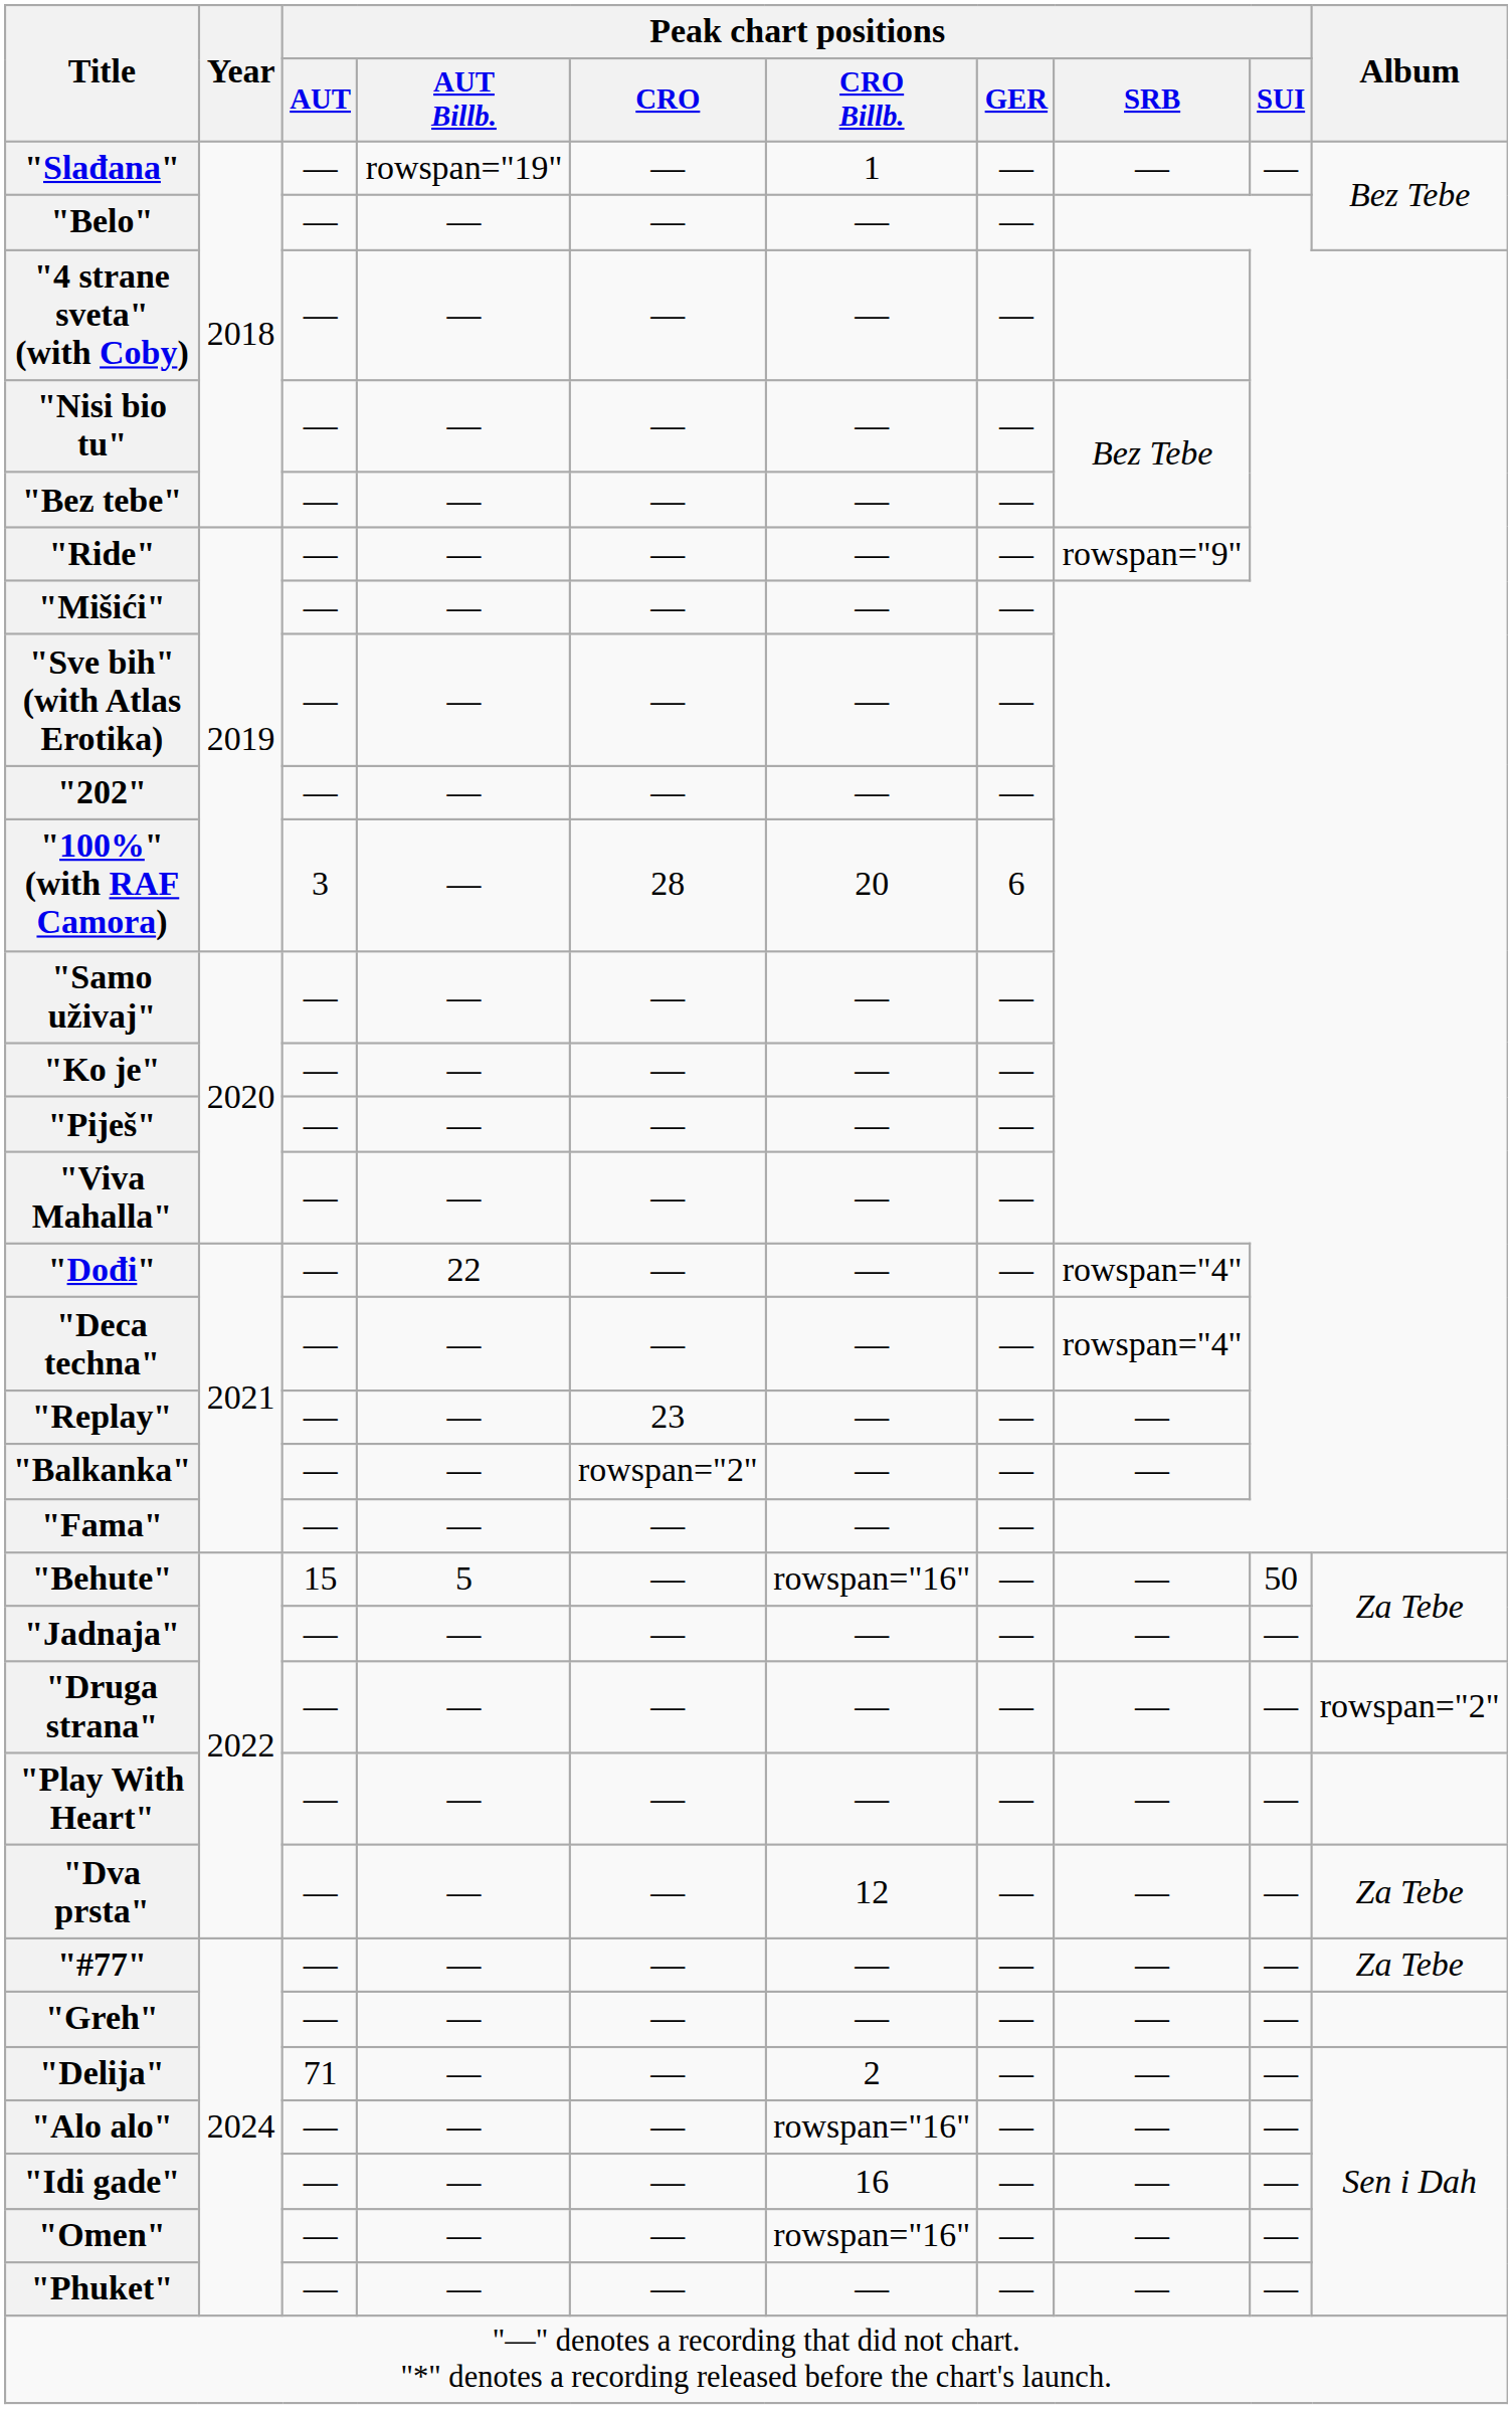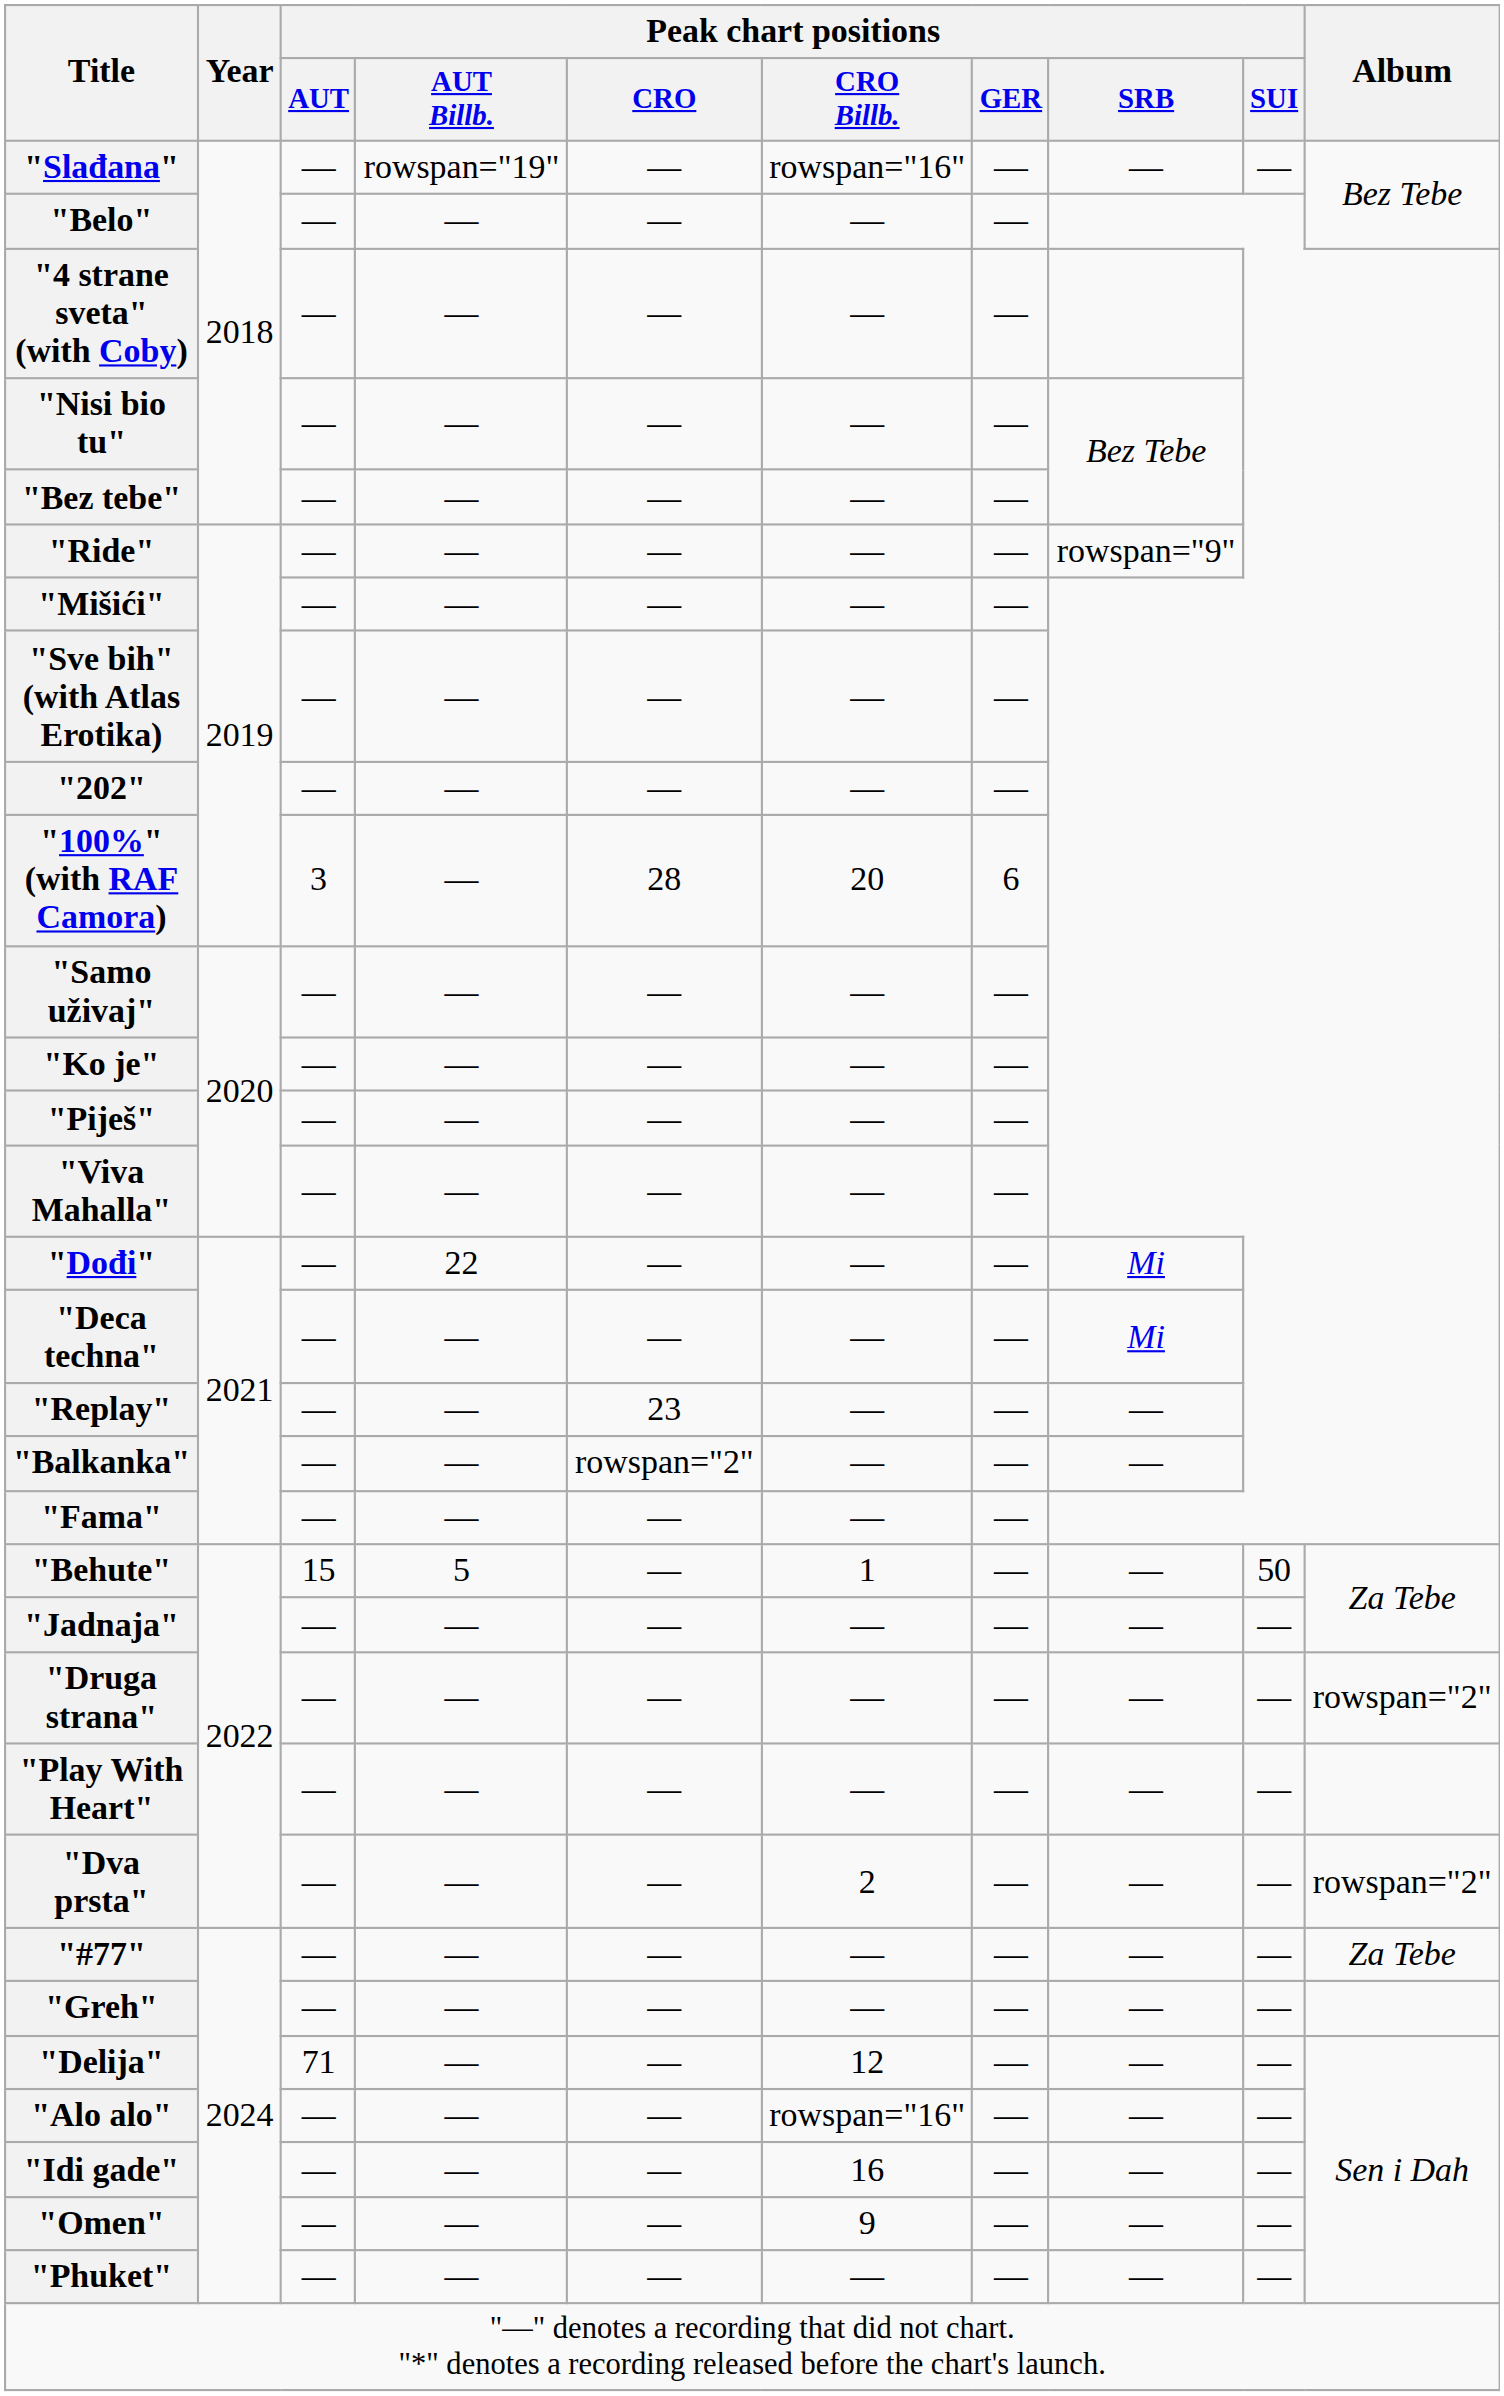 <table class="wikitable plainrowheaders" style="text-align:center;">
 <tr>
 <th rowspan="2" scope="col" style="width:11em;">Title</th>
 <th rowspan="2" scope="col">Year</th>
 <th colspan="7" scope="col">Peak chart positions</th>
 <th rowspan="2" scope="col">Album</th>
 </tr>
 <tr>
 <th style="width:2.5em; font-size:85%"><a href='#'>AUT</a><br></th>
 <th style="width:2.5em; font-size:85%"><a href='#'>AUT<br><em>Billb.</em></a><br></th>
 <th style="width:2.5em; font-size:85%"><a href='#'>CRO</a><br></th>
 <th style="width:2.5em; font-size:85%"><a href='#'>CRO<br><em>Billb.</em></a><br></th>
 <th style="width:2.5em; font-size:85%"><a href='#'>GER</a><br></th>
 <th style="width:2.5em; font-size:85%"><a href='#'>SRB</a><br></th>
 <th style="width:2.5em; font-size:85%"><a href='#'>SUI</a><br></th>
 </tr>
 <tr>
 <th scope="row">"<a href='#'>Slađana</a>"</th>
 <td rowspan="5">2018</td>
 <td>—</td>
 <td>rowspan="19" </td>
 <td>—</td>
-<td>1</td>
+<td>rowspan="16" </td>
 <td>—</td>
 <td>—</td>
 <td>—</td>
 <td rowspan="2"><em>Bez Tebe</em></td>
 </tr>
 <tr>
 <th scope="row">"Belo"</th>
 <td>—</td>
 <td>—</td>
 <td>—</td>
 <td>—</td>
 <td>—</td>
 </tr>
 <tr>
 <th scope="row">"4 strane sveta"<br><span>(with <a href='#'>Coby</a>)</span></th>
 <td>—</td>
 <td>—</td>
 <td>—</td>
 <td>—</td>
 <td>—</td>
 <td></td>
 </tr>
 <tr>
 <th scope="row">"Nisi bio tu"</th>
 <td>—</td>
 <td>—</td>
 <td>—</td>
 <td>—</td>
 <td>—</td>
 <td rowspan="2"><em>Bez Tebe</em></td>
 </tr>
 <tr>
 <th scope="row">"Bez tebe"</th>
 <td>—</td>
 <td>—</td>
 <td>—</td>
 <td>—</td>
 <td>—</td>
 </tr>
 <tr>
 <th scope="row">"Ride"</th>
 <td rowspan="5">2019</td>
 <td>—</td>
 <td>—</td>
 <td>—</td>
 <td>—</td>
 <td>—</td>
 <td>rowspan="9" </td>
 </tr>
 <tr>
 <th scope="row">"Mišići"</th>
 <td>—</td>
 <td>—</td>
 <td>—</td>
 <td>—</td>
 <td>—</td>
 </tr>
 <tr>
 <th scope="row">"Sve bih"<br><span>(with Atlas Erotika)</span></th>
 <td>—</td>
 <td>—</td>
 <td>—</td>
 <td>—</td>
 <td>—</td>
 </tr>
 <tr>
 <th scope="row">"202"</th>
 <td>—</td>
 <td>—</td>
 <td>—</td>
 <td>—</td>
 <td>—</td>
 </tr>
 <tr>
 <th scope="row">"<a href='#'>100%</a>"<br><span>(with <a href='#'>RAF Camora</a>)</span></th>
 <td>3</td>
 <td>—</td>
 <td>28</td>
 <td>20</td>
 <td>6</td>
 </tr>
 <tr>
 <th scope="row">"Samo uživaj"</th>
 <td rowspan="4">2020</td>
 <td>—</td>
 <td>—</td>
 <td>—</td>
 <td>—</td>
 <td>—</td>
 </tr>
 <tr>
 <th scope="row">"Ko je"</th>
 <td>—</td>
 <td>—</td>
 <td>—</td>
 <td>—</td>
 <td>—</td>
 </tr>
 <tr>
 <th scope="row">"Piješ"</th>
 <td>—</td>
 <td>—</td>
 <td>—</td>
 <td>—</td>
 <td>—</td>
 </tr>
 <tr>
 <th scope="row">"Viva Mahalla"</th>
 <td>—</td>
 <td>—</td>
 <td>—</td>
 <td>—</td>
 <td>—</td>
 </tr>
 <tr>
 <th scope="row">"<a href='#'>Dođi</a>"<br></th>
 <td rowspan="5">2021</td>
 <td>—</td>
 <td>22</td>
 <td>—</td>
 <td>—</td>
 <td>—</td>
-<td>rowspan="4" </td>
+<td><em><a href='#'>Mi</a></em></td>
 </tr>
 <tr>
 <th scope="row">"Deca techna"<br></th>
 <td>—</td>
 <td>—</td>
 <td>—</td>
 <td>—</td>
 <td>—</td>
-<td>rowspan="4" </td>
+<td><em><a href='#'>Mi</a></em></td>
 </tr>
 <tr>
 <th scope="row">"Replay"</th>
 <td>—</td>
 <td>—</td>
 <td>23</td>
 <td>—</td>
 <td>—</td>
 <td>—</td>
 </tr>
 <tr>
 <th scope="row">"Balkanka"</th>
 <td>—</td>
 <td>—</td>
 <td>rowspan="2" </td>
 <td>—</td>
 <td>—</td>
 <td>—</td>
 </tr>
 <tr>
 <th scope="row">"Fama"</th>
 <td>—</td>
 <td>—</td>
 <td>—</td>
 <td>—</td>
 <td>—</td>
 </tr>
 <tr>
 <th scope="row">"Behute"</th>
 <td rowspan="5">2022</td>
 <td>15</td>
 <td>5</td>
 <td>—</td>
-<td>rowspan="16" </td>
+<td>1</td>
 <td>—</td>
 <td>—</td>
 <td>50</td>
 <td rowspan="2"><em>Za Tebe</em></td>
 </tr>
 <tr>
 <th scope="row">"Jadnaja"</th>
 <td>—</td>
 <td>—</td>
 <td>—</td>
 <td>—</td>
 <td>—</td>
 <td>—</td>
 <td>—</td>
 </tr>
 <tr>
 <th scope="row">"Druga strana"</th>
 <td>—</td>
 <td>—</td>
 <td>—</td>
 <td>—</td>
 <td>—</td>
 <td>—</td>
 <td>—</td>
 <td>rowspan="2" </td>
 </tr>
 <tr>
 <th scope="row">"Play With Heart"</th>
 <td>—</td>
 <td>—</td>
 <td>—</td>
 <td>—</td>
 <td>—</td>
 <td>—</td>
 <td>—</td>
 </tr>
 <tr>
 <th scope="row">"Dva prsta"</th>
 <td>—</td>
 <td>—</td>
 <td>—</td>
-<td>12</td>
+<td>2</td>
 <td>—</td>
 <td>—</td>
 <td>—</td>
-<td><em>Za Tebe</em></td>
+<td>rowspan="2" </td>
 </tr>
 <tr>
 <th scope="row">"#77"</th>
 <td rowspan="7">2024</td>
 <td>—</td>
 <td>—</td>
 <td>—</td>
 <td>—</td>
 <td>—</td>
 <td>—</td>
 <td>—</td>
 <td><em>Za Tebe</em></td>
 </tr>
 <tr>
 <th scope="row">"Greh"<br></th>
 <td>—</td>
 <td>—</td>
 <td>—</td>
 <td>—</td>
 <td>—</td>
 <td>—</td>
 <td>—</td>
 </tr>
 <tr>
 <th scope="row">"Delija"</th>
 <td>71</td>
 <td>—</td>
 <td>—</td>
-<td>2</td>
+<td>12</td>
 <td>—</td>
 <td>—</td>
 <td>—</td>
 <td rowspan="5"><em>Sen i Dah</em></td>
 </tr>
 <tr>
 <th scope="row">"Alo alo"</th>
 <td>—</td>
 <td>—</td>
 <td>—</td>
 <td>rowspan="16" </td>
 <td>—</td>
 <td>—</td>
 <td>—</td>
 </tr>
 <tr>
 <th scope="row">"Idi gade"</th>
 <td>—</td>
 <td>—</td>
 <td>—</td>
 <td>16</td>
 <td>—</td>
 <td>—</td>
 <td>—</td>
 </tr>
 <tr>
 <th scope="row">"Omen"</th>
 <td>—</td>
 <td>—</td>
 <td>—</td>
-<td>rowspan="16" </td>
+<td>9</td>
 <td>—</td>
 <td>—</td>
 <td>—</td>
 </tr>
 <tr>
 <th scope="row">"Phuket"</th>
 <td>—</td>
 <td>—</td>
 <td>—</td>
 <td>—</td>
 <td>—</td>
 <td>—</td>
 <td>—</td>
 </tr>
 <tr>
 <td colspan="10" style="font-size:90%">"—" denotes a recording that did not chart.<br>"*" denotes a recording released before the chart's launch.</td>
 </tr>
 </table>
